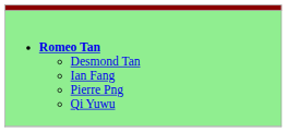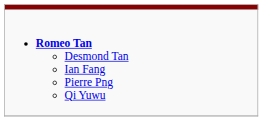 <table class=wikitable>
 <tr>
 <th style="background:#8B0000; width: 50%"></th>
 </tr>
 <tr>
-<td valign="top" style="background: lightgreen;"><br><ul><li><strong><a href='#'>Romeo Tan</a></strong><ul><li><a href='#'>Desmond Tan</a></li><li><a href='#'>Ian Fang</a></li><li><a href='#'>Pierre Png</a></li><li><a href='#'>Qi Yuwu</a></li></ul></li></ul></td>
+<td valign="top"><br><ul><li><strong><a href='#'>Romeo Tan</a></strong><ul><li><a href='#'>Desmond Tan</a></li><li><a href='#'>Ian Fang</a></li><li><a href='#'>Pierre Png</a></li><li><a href='#'>Qi Yuwu</a></li></ul></li></ul></td>
 </tr>
 <tr>
 </tr>
 </table>
